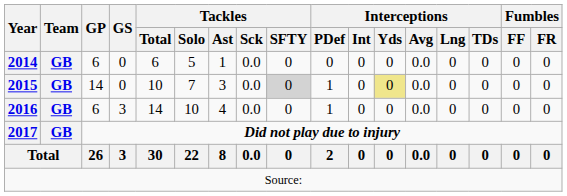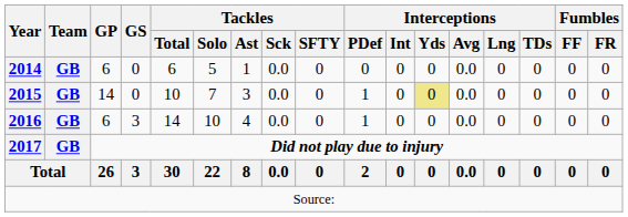 <table class="wikitable" style="text-align: center;">
 <tr>
 <th rowspan=2>Year</th>
 <th rowspan=2>Team</th>
 <th rowspan=2>GP</th>
 <th rowspan=2>GS</th>
 <th colspan=5>Tackles</th>
 <th colspan=6>Interceptions</th>
 <th colspan=2>Fumbles</th>
 </tr>
 <tr>
 <th>Total</th>
 <th>Solo</th>
 <th>Ast</th>
 <th>Sck</th>
 <th>SFTY</th>
 <th>PDef</th>
 <th>Int</th>
 <th>Yds</th>
 <th>Avg</th>
 <th>Lng</th>
 <th>TDs</th>
 <th>FF</th>
 <th>FR</th>
 </tr>
 <tr>
 <th><a href='#'>2014</a></th>
 <th><a href='#'>GB</a></th>
 <td>6</td>
 <td>0</td>
 <td>6</td>
 <td>5</td>
 <td>1</td>
 <td>0.0</td>
 <td>0</td>
 <td>0</td>
 <td>0</td>
 <td>0</td>
 <td>0.0</td>
 <td>0</td>
 <td>0</td>
 <td>0</td>
 <td>0</td>
 </tr>
 <tr>
 <th><a href='#'>2015</a></th>
 <th><a href='#'>GB</a></th>
 <td>14</td>
 <td>0</td>
 <td>10</td>
 <td>7</td>
 <td>3</td>
 <td>0.0</td>
-<td style="background: lightgrey;">0</td>
+<td>0</td>
 <td>1</td>
 <td>0</td>
 <td style="background: khaki;">0</td>
 <td>0.0</td>
 <td>0</td>
 <td>0</td>
 <td>0</td>
 <td>0</td>
 </tr>
 <tr>
 <th><a href='#'>2016</a></th>
 <th><a href='#'>GB</a></th>
 <td>6</td>
 <td>3</td>
 <td>14</td>
 <td>10</td>
 <td>4</td>
 <td>0.0</td>
 <td>0</td>
 <td>1</td>
 <td>0</td>
 <td>0</td>
 <td>0.0</td>
 <td>0</td>
 <td>0</td>
 <td>0</td>
 <td>0</td>
 </tr>
 <tr>
 <th><a href='#'>2017</a></th>
 <th><a href='#'>GB</a></th>
 <td colspan="15"><strong><em>Did not play due to injury</em></strong></td>
 </tr>
 <tr>
 <th colspan=2>Total</th>
 <th>26</th>
 <th>3</th>
 <th>30</th>
 <th>22</th>
 <th>8</th>
 <th>0.0</th>
 <th>0</th>
 <th>2</th>
 <th>0</th>
 <th>0</th>
 <th>0.0</th>
 <th>0</th>
 <th>0</th>
 <th>0</th>
 <th>0</th>
 </tr>
 <tr>
 <td colspan="17"><small>Source: </small></td>
 </tr>
 </table>
